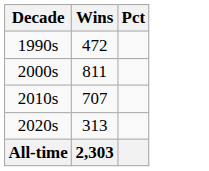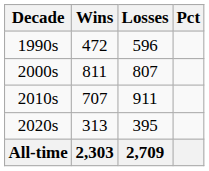 <table class="wikitable" style="text-align:center">
 <tr>
 <th style="text-align:center; ">Decade</th>
 <th style="text-align:center; ">Wins</th>
+<th style="text-align:center; ">Losses</th>
 <th style="text-align:center; ">Pct</th>
 </tr>
 <tr>
 <td>1990s</td>
 <td>472</td>
+<td>596</td>
 <td></td>
 </tr>
 <tr>
 <td>2000s</td>
 <td>811</td>
+<td>807</td>
 <td></td>
 </tr>
 <tr>
 <td>2010s</td>
 <td>707</td>
+<td>911</td>
 <td></td>
 </tr>
 <tr>
 <td>2020s</td>
 <td>313</td>
+<td>395</td>
 <td></td>
 </tr>
 <tr style="background:#f0f0f0; font-weight:bold">
 <th style="text-align:center; ">All-time</th>
 <th style="text-align:center; ">2,303</th>
+<th style="text-align:center; ">2,709</th>
 <th style="text-align:center; "></th>
 </tr>
 </table>
